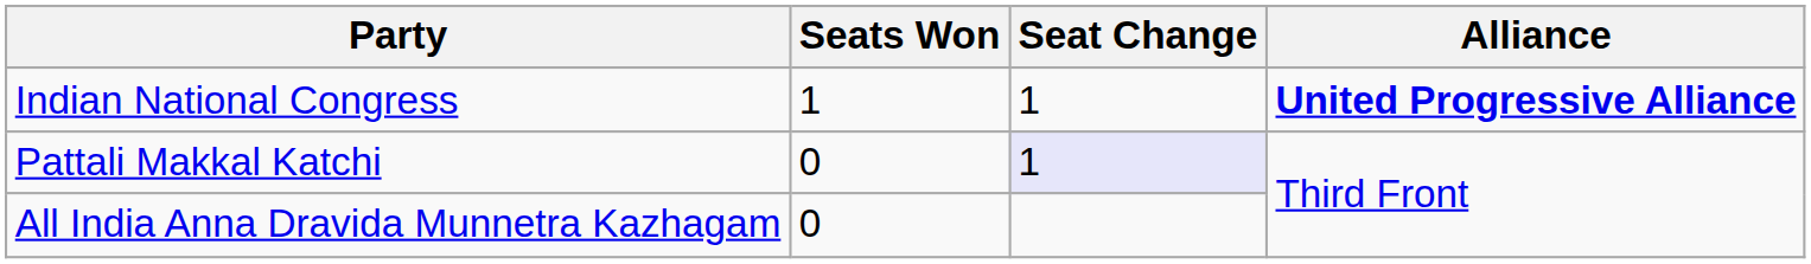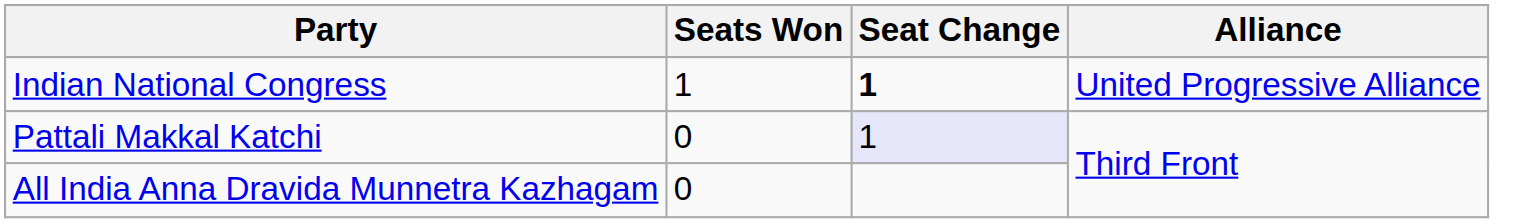 <table class="wikitable">
 <tr>
 <th>Party</th>
 <th>Seats Won</th>
 <th>Seat Change</th>
 <th>Alliance</th>
 </tr>
 <tr>
 <td><a href='#'>Indian National Congress</a></td>
 <td>1</td>
-<td>1</td>
-<td><strong><a href='#'>United Progressive Alliance</a></strong></td>
+<td><strong>1</strong></td>
+<td><a href='#'>United Progressive Alliance</a></td>
 </tr>
 <tr>
 <td><a href='#'>Pattali Makkal Katchi</a></td>
 <td>0</td>
 <td style="background: lavender;">1</td>
 <td rowspan="2"><a href='#'>Third Front</a></td>
 </tr>
 <tr>
 <td><a href='#'>All India Anna Dravida Munnetra Kazhagam</a></td>
 <td>0</td>
 <td></td>
 </tr>
 </table>
